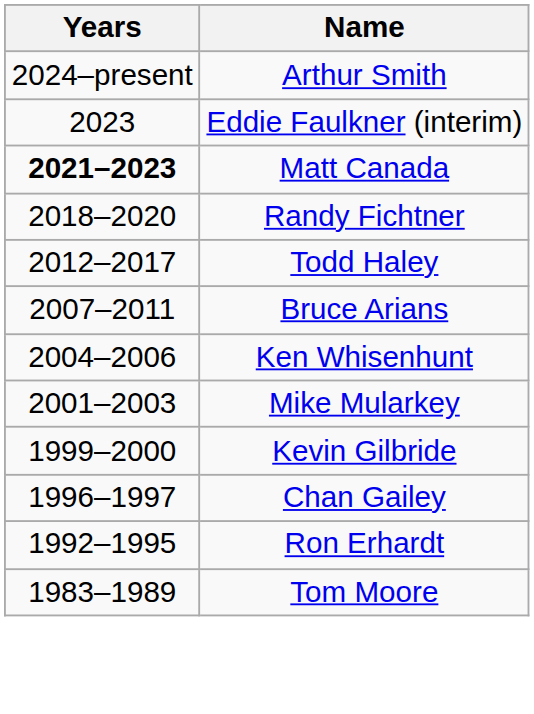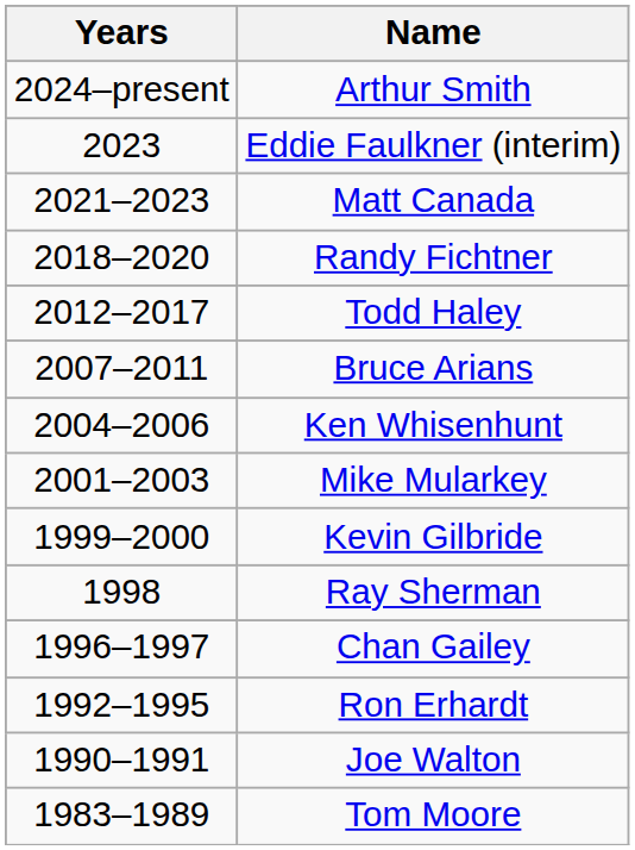 <table class="wikitable" style="text-align:center">
 <tr>
 <th>Years</th>
 <th>Name</th>
 </tr>
 <tr>
 <td>2024–present</td>
 <td><a href='#'>Arthur Smith</a></td>
 </tr>
 <tr>
 <td>2023</td>
 <td><a href='#'>Eddie Faulkner</a> (interim)</td>
 </tr>
 <tr>
-<td><strong>2021–2023</strong></td>
+<td>2021–2023</td>
 <td><a href='#'>Matt Canada</a></td>
 </tr>
 <tr>
 <td>2018–2020</td>
 <td><a href='#'>Randy Fichtner</a></td>
 </tr>
 <tr>
 <td>2012–2017</td>
 <td><a href='#'>Todd Haley</a></td>
 </tr>
 <tr>
 <td>2007–2011</td>
 <td><a href='#'>Bruce Arians</a></td>
 </tr>
 <tr>
 <td>2004–2006</td>
 <td><a href='#'>Ken Whisenhunt</a></td>
 </tr>
 <tr>
 <td>2001–2003</td>
 <td><a href='#'>Mike Mularkey</a></td>
 </tr>
 <tr>
 <td>1999–2000</td>
 <td><a href='#'>Kevin Gilbride</a></td>
 </tr>
 <tr>
+<td>1998</td>
+<td><a href='#'>Ray Sherman</a></td>
+</tr>
+<tr>
 <td>1996–1997</td>
 <td><a href='#'>Chan Gailey</a></td>
 </tr>
 <tr>
 <td>1992–1995</td>
 <td><a href='#'>Ron Erhardt</a></td>
 </tr>
 <tr>
+<td>1990–1991</td>
+<td><a href='#'>Joe Walton</a></td>
+</tr>
+<tr>
 <td>1983–1989</td>
 <td><a href='#'>Tom Moore</a></td>
 </tr>
 </table>
